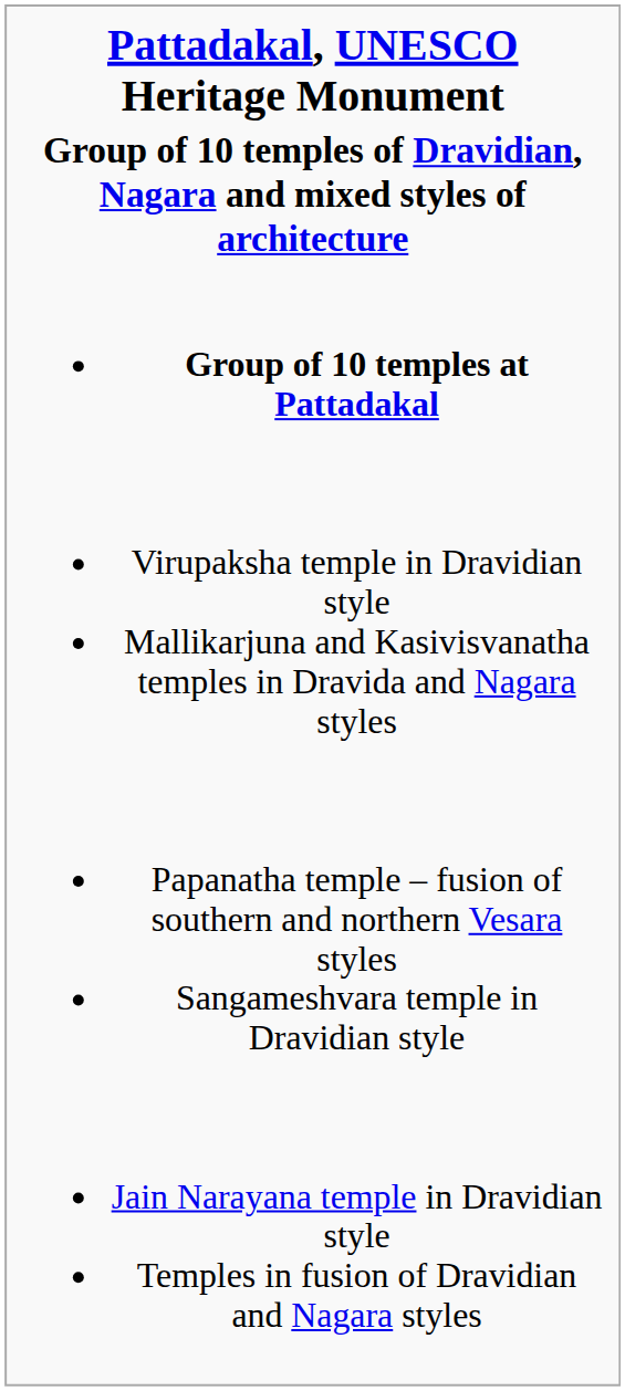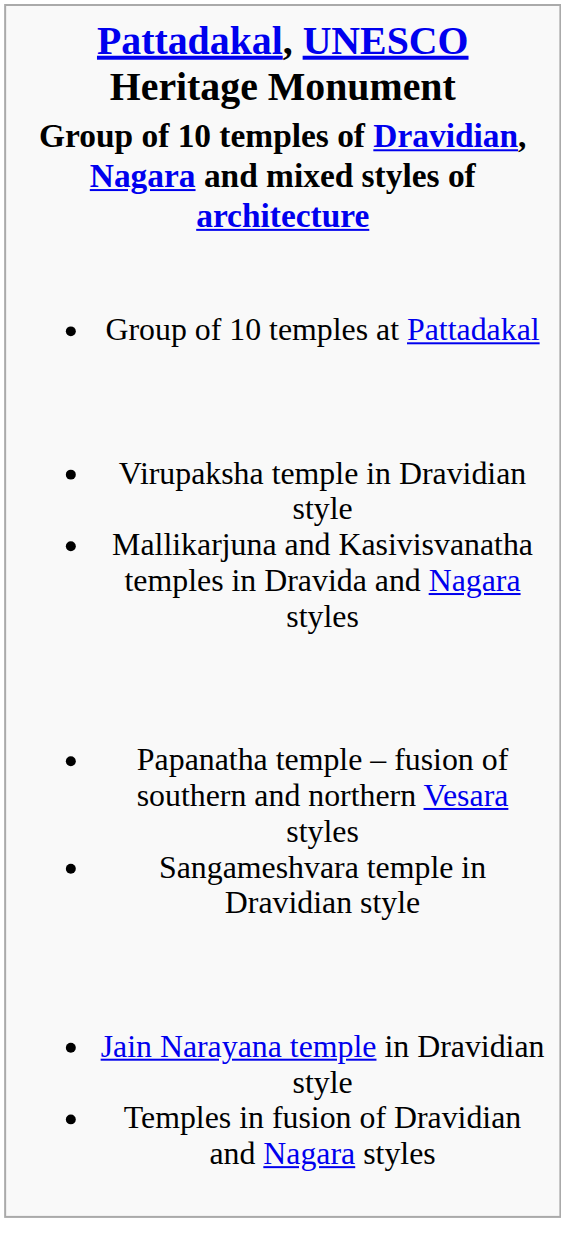 <table class="infobox" style="width: 280px; text-align: center">
 <tr>
 <th style="text-align:center; font-size: 125%;"><a href='#'>Pattadakal</a>, <a href='#'>UNESCO</a> Heritage Monument</th>
 </tr>
 <tr>
 <th style="text-align:center; font-size: 105%;">Group of 10 temples of <a href='#'>Dravidian</a>, <a href='#'>Nagara</a> and mixed styles of <a href='#'>architecture</a></th>
 </tr>
 <tr>
-<td style="text-align:center"><strong><br><ul><li>Group of 10 temples at <a href='#'>Pattadakal</a></li></ul></strong></td>
+<td style="text-align:center"><br><ul><li>Group of 10 temples at <a href='#'>Pattadakal</a></li></ul></td>
 </tr>
 <tr>
 <td style="text-align:center"> <br><ul><li>Virupaksha temple in Dravidian style</li><li>Mallikarjuna and Kasivisvanatha temples in Dravida and <a href='#'>Nagara</a> styles</li></ul></td>
 </tr>
 <tr>
 <td style="text-align:center"> <br><ul><li>Papanatha temple – fusion of southern and northern <a href='#'>Vesara</a> styles</li><li>Sangameshvara temple in Dravidian style</li></ul></td>
 </tr>
 <tr>
 <td style="text-align:center"> <br><ul><li><a href='#'>Jain Narayana temple</a> in Dravidian style</li><li>Temples in fusion of Dravidian and <a href='#'>Nagara</a> styles</li></ul></td>
 </tr>
 </table>
